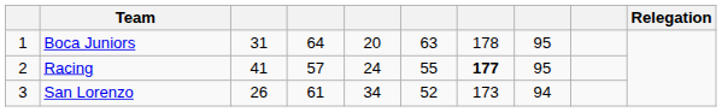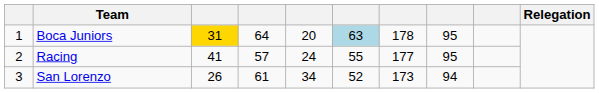 <table class="wikitable" style="text-align: center;">
 <tr>
 <th width=28><br></th>
 <th width=185>Team</th>
 <th width=50></th>
 <th width=50></th>
 <th width=50></th>
 <th width=50></th>
 <th width=50></th>
 <th width=50></th>
 <th width=50><br></th>
 <th>Relegation</th>
 </tr>
 <tr>
 <td>1</td>
 <td align="left"><a href='#'>Boca Juniors</a></td>
-<td>31</td>
+<td style="background: gold;">31</td>
 <td>64</td>
 <td>20</td>
-<td>63</td>
+<td style="background: lightblue;">63</td>
 <td>178</td>
 <td>95</td>
 <td><strong></strong></td>
 <td rowspan=26></td>
 </tr>
 <tr>
 <td>2</td>
 <td align="left"><a href='#'>Racing</a></td>
 <td>41</td>
 <td>57</td>
 <td>24</td>
 <td>55</td>
-<td><strong>177</strong></td>
+<td>177</td>
 <td>95</td>
 <td><strong></strong></td>
 </tr>
 <tr>
 <td>3</td>
 <td align="left"><a href='#'>San Lorenzo</a></td>
 <td>26</td>
 <td>61</td>
 <td>34</td>
 <td>52</td>
 <td>173</td>
 <td>94</td>
 <td><strong></strong></td>
 </tr>
 </table>
